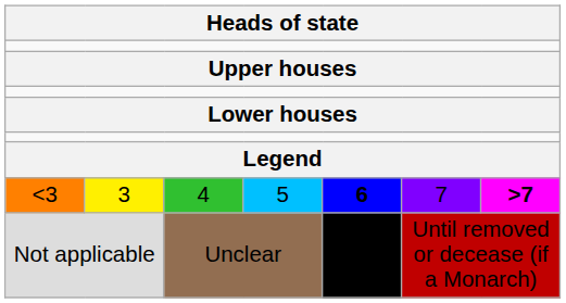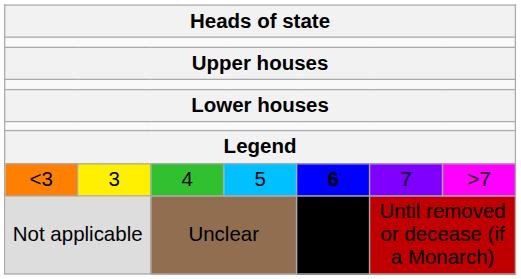 <table class="wikitable" style="float:right; width:400px; text-align:center;">
 <tr>
 <th colspan=8>Heads of state</th>
 </tr>
 <tr>
 <td colspan=8></td>
 </tr>
 <tr>
 <th colspan=8>Upper houses</th>
 </tr>
 <tr>
 <td colspan=8></td>
 </tr>
 <tr>
 <th colspan=8>Lower houses</th>
 </tr>
 <tr>
 <td colspan=8></td>
 </tr>
 <tr>
 <th colspan=8>Legend</th>
 </tr>
 <tr>
 <td style="background:#ff8000; width:14.3%;"><3</td>
 <td style="background:#fff000; width:14.3%;">3</td>
 <td style="background:#30c030; width:14.3%;">4</td>
 <td style="background:#00c0ff; width:14.3%;">5</td>
 <td style="background:#00f; width:14.3%;"><strong><span>6</span></strong></td>
 <td style="background:#8000ff; width:14.3%;"><span>7</span></td>
-<td style="background:#f0f; width:14.3%;"><strong>>7</strong></td>
+<td style="background:#f0f; width:14.3%;">>7</td>
 </tr>
 <tr>
 <td style="background:#ddd;" colspan="2">Not applicable</td>
 <td style="background:#926e51;" colspan="2">Unclear</td>
 <td style="background:black;"><span>Varies</span></td>
 <td style="background:#c00000;" colspan="2"><span>Until removed or decease (if a Monarch)</span></td>
 </tr>
 </table>
